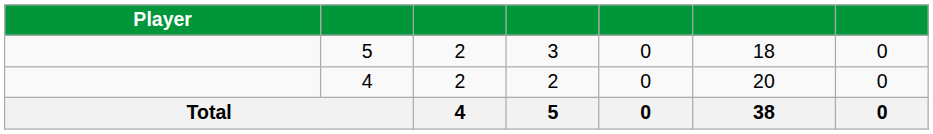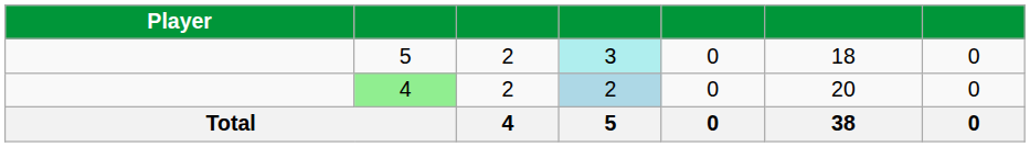 <table class="wikitable sortable" style="width:60%; text-align:center;">
 <tr>
 <th style="color:white; background:#009639; ">Player</th>
 <th style="color:white; background:#009639; "></th>
 <th style="color:white; background:#009639; "></th>
 <th style="color:white; background:#009639; "></th>
 <th style="color:white; background:#009639; "></th>
 <th style="color:white; background:#009639; "></th>
 <th style="color:white; background:#009639; "></th>
 </tr>
 <tr>
 <td></td>
 <td>5</td>
 <td>2</td>
-<td>3</td>
+<td style="background: paleturquoise;">3</td>
 <td>0</td>
 <td>18</td>
 <td>0</td>
 </tr>
 <tr>
 <td></td>
-<td>4</td>
+<td style="background: lightgreen;">4</td>
 <td>2</td>
-<td>2</td>
+<td style="background: lightblue;">2</td>
 <td>0</td>
 <td>20</td>
 <td>0</td>
 </tr>
 <tr class="sortbottom">
 <th colspan=2>Total</th>
 <th>4</th>
 <th>5</th>
 <th>0</th>
 <th>38</th>
 <th>0</th>
 </tr>
 </table>
